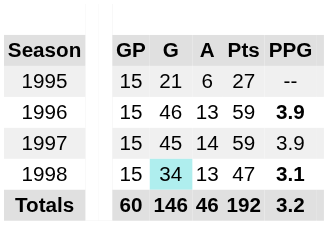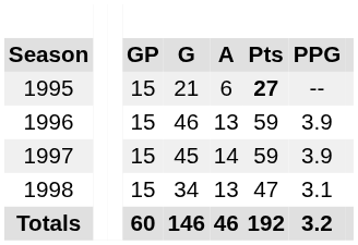 <table BORDER="0" CELLPADDING="3" CELLSPACING="0">
 <tr style="text-align: center; background: #e0e0e0">
 <th colspan="1" style="background: #ffffff"> </th>
 <th rowspan="99" style="background: #ffffff"> </th>
 <th rowspan="99" style="background: #ffffff"> </th>
 </tr>
 <tr style="text-align: center; background: #e0e0e0">
 <th>Season</th>
 <th>GP</th>
 <th>G</th>
 <th>A</th>
 <th>Pts</th>
 <th>PPG</th>
 <th></th>
 </tr>
 <tr style="text-align: center; background: #f0f0f0">
 <td>1995</td>
 <td>15</td>
 <td>21</td>
 <td>6</td>
-<td>27</td>
+<td><strong>27</strong></td>
 <td>--</td>
 <td></td>
 </tr>
 <tr ALIGN="center">
 <td>1996</td>
 <td>15</td>
 <td>46</td>
 <td>13</td>
 <td>59</td>
-<td><strong>3.9</strong></td>
+<td>3.9</td>
 <td></td>
 </tr>
 <tr style="text-align: center; background: #f0f0f0">
 <td>1997</td>
 <td>15</td>
 <td>45</td>
 <td>14</td>
 <td>59</td>
 <td>3.9</td>
 <td></td>
 </tr>
 <tr ALIGN="center">
 <td>1998</td>
 <td>15</td>
-<td style="background: paleturquoise;">34</td>
+<td>34</td>
 <td>13</td>
 <td>47</td>
-<td><strong>3.1</strong></td>
+<td>3.1</td>
 <td></td>
 </tr>
 <tr style="text-align: center; background: #e0e0e0">
 <th colspan="1.5">Totals</th>
 <th>60</th>
 <th>146</th>
 <th>46</th>
 <th>192</th>
 <th>3.2</th>
 <th></th>
 </tr>
 </table>
